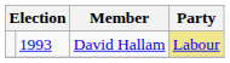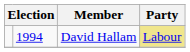 <table class="wikitable">
 <tr>
 <th colspan="2">Election</th>
 <th>Member</th>
 <th>Party</th>
 </tr>
 <tr>
 <td style="background-color: "></td>
-<td><a href='#'>1993</a></td>
+<td><a href='#'>1994</a></td>
 <td><a href='#'>David Hallam</a></td>
 <td style="background: khaki;"><a href='#'>Labour</a></td>
 </tr>
 <tr>
 </tr>
 </table>
